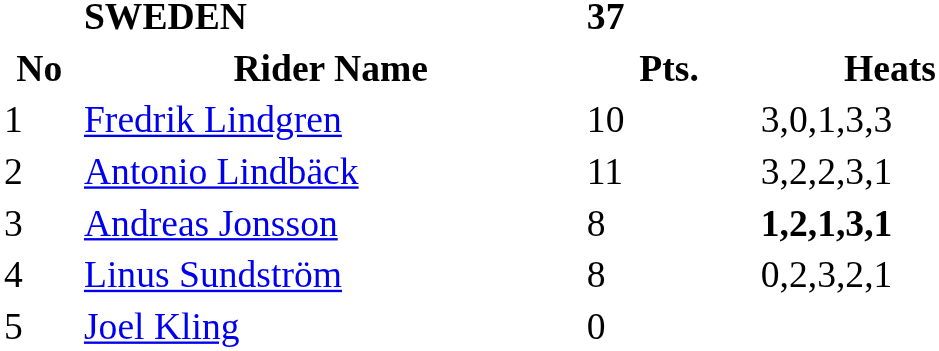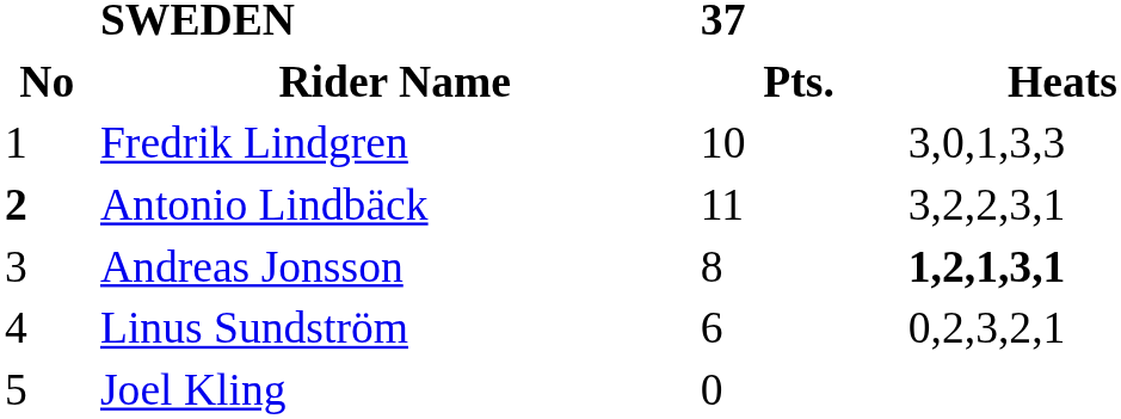 <table class="toccolours">
 <tr>
 <td></td>
 <td><strong>SWEDEN</strong></td>
 <td><strong>37</strong></td>
 </tr>
 <tr style="background-color:">
 <th width=30px>No</th>
 <th width=210px>Rider Name</th>
 <th width=70px>Pts.</th>
 <th width=110px>Heats</th>
 </tr>
 <tr style="background-color:">
 <td>1</td>
 <td><a href='#'>Fredrik Lindgren</a></td>
 <td>10</td>
 <td>3,0,1,3,3</td>
 </tr>
 <tr style="background-color:">
-<td>2</td>
+<td><strong>2</strong></td>
 <td><a href='#'>Antonio Lindbäck</a></td>
 <td>11</td>
 <td>3,2,2,3,1</td>
 </tr>
 <tr style="background-color:">
 <td>3</td>
 <td><a href='#'>Andreas Jonsson</a></td>
 <td>8</td>
 <td><strong>1,2,1,3,1</strong></td>
 </tr>
 <tr style="background-color:">
 <td>4</td>
 <td><a href='#'>Linus Sundström</a></td>
-<td>8</td>
+<td>6</td>
 <td>0,2,3,2,1</td>
 </tr>
 <tr style="background-color:">
 <td>5</td>
 <td><a href='#'>Joel Kling</a></td>
 <td>0</td>
 <td></td>
 </tr>
 </table>
